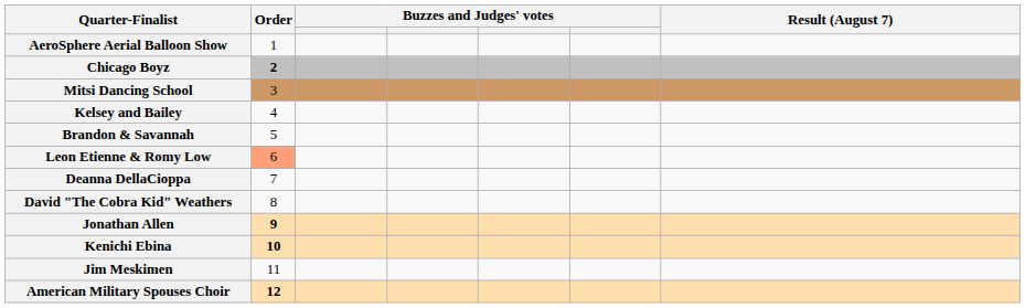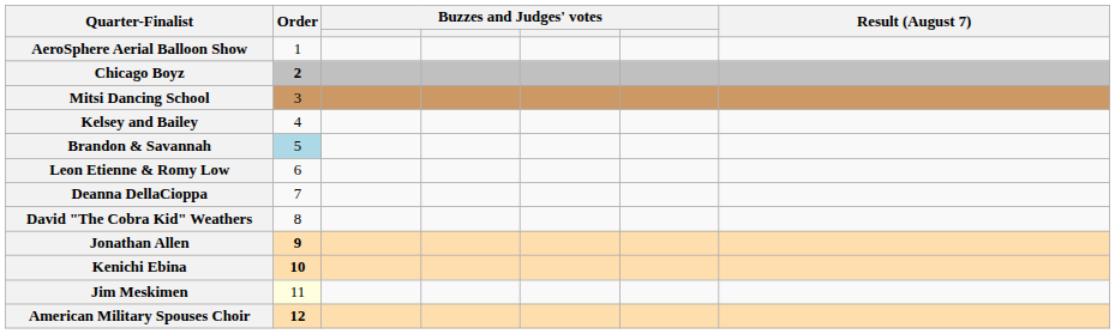 <table class="wikitable plainrowheaders sortable" style="text-align:center;">
 <tr>
 <th scope="col" rowspan="2" class="unsortable" style="width:17em;">Quarter-Finalist</th>
 <th scope="col" rowspan="2" style="width:1em;">Order</th>
 <th scope="col" colspan="4" class="unsortable" style="width:24em;">Buzzes and Judges' votes</th>
 <th scope="col" rowspan="2" style="width:25em;">Result (August 7)</th>
 </tr>
 <tr>
 <th scope="col" class="unsortable" style="width:6em;"></th>
 <th scope="col" class="unsortable" style="width:6em;"></th>
 <th scope="col" class="unsortable" style="width:6em;"></th>
 <th scope="col" class="unsortable" style="width:6em;"></th>
 </tr>
 <tr>
 <th scope="row">AeroSphere Aerial Balloon Show</th>
 <td>1</td>
 <td style="text-align:center;"></td>
 <td style="text-align:center;"></td>
 <td style="text-align:center;"></td>
 <td style="text-align:center;"></td>
 <td></td>
 </tr>
 <tr style="background:silver">
 <th scope="row"><strong>Chicago Boyz</strong></th>
 <td><strong>2</strong></td>
 <td style="text-align:center;"></td>
 <td style="text-align:center;"></td>
 <td style="text-align:center;"></td>
 <td style="text-align:center;"></td>
 <td><strong></strong></td>
 </tr>
 <tr style="background:#c96">
 <th scope="row">Mitsi Dancing School</th>
 <td>3</td>
 <td style="text-align:center;"></td>
 <td style="text-align:center;"></td>
 <td style="text-align:center;"></td>
 <td style="text-align:center;"></td>
 <td></td>
 </tr>
 <tr>
 <th scope="row">Kelsey and Bailey</th>
 <td>4</td>
 <td style="text-align:center;"></td>
 <td style="text-align:center;"></td>
 <td style="text-align:center;"></td>
 <td style="text-align:center;"></td>
 <td></td>
 </tr>
 <tr>
 <th scope="row">Brandon & Savannah</th>
-<td>5</td>
+<td style="background: lightblue;">5</td>
 <td style="text-align:center;"></td>
 <td style="text-align:center;"></td>
 <td style="text-align:center;"></td>
 <td style="text-align:center;"></td>
 <td></td>
 </tr>
 <tr>
 <th scope="row">Leon Etienne & Romy Low </th>
-<td style="background: lightsalmon;">6</td>
+<td>6</td>
 <td style="text-align:center;"></td>
 <td style="text-align:center;"></td>
 <td style="text-align:center;"></td>
 <td style="text-align:center;"></td>
 <td></td>
 </tr>
 <tr>
 <th scope="row">Deanna DellaCioppa</th>
 <td>7</td>
 <td style="text-align:center;"></td>
 <td style="text-align:center;"></td>
 <td style="text-align:center;"></td>
 <td style="text-align:center;"></td>
 <td></td>
 </tr>
 <tr>
 <th scope="row">David "The Cobra Kid" Weathers</th>
 <td>8</td>
 <td style="text-align:center;"></td>
 <td style="text-align:center;"></td>
 <td style="text-align:center;"></td>
 <td style="text-align:center;"></td>
 <td></td>
 </tr>
 <tr style="background:NavajoWhite">
 <th scope="row"><strong>Jonathan Allen</strong></th>
 <td><strong>9</strong></td>
 <td style="text-align:center;"></td>
 <td style="text-align:center;"></td>
 <td style="text-align:center;"></td>
 <td style="text-align:center;"></td>
 <td><strong></strong></td>
 </tr>
 <tr style="background:NavajoWhite">
 <th scope="row"><strong>Kenichi Ebina</strong></th>
 <td><strong>10</strong></td>
 <td style="text-align:center;"></td>
 <td style="text-align:center;"></td>
 <td style="text-align:center;"></td>
 <td style="text-align:center;"></td>
 <td><strong></strong></td>
 </tr>
 <tr>
 <th scope="row">Jim Meskimen</th>
-<td>11</td>
+<td style="background: lightyellow;">11</td>
 <td style="text-align:center;"></td>
 <td style="text-align:center;"></td>
 <td style="text-align:center;"></td>
 <td style="text-align:center;"></td>
 <td></td>
 </tr>
 <tr style="background:NavajoWhite">
 <th scope="row"><strong>American Military Spouses Choir</strong></th>
 <td><strong>12</strong></td>
 <td style="text-align:center;"></td>
 <td style="text-align:center;"></td>
 <td style="text-align:center;"></td>
 <td style="text-align:center;"></td>
 <td><strong></strong></td>
 </tr>
 </table>
